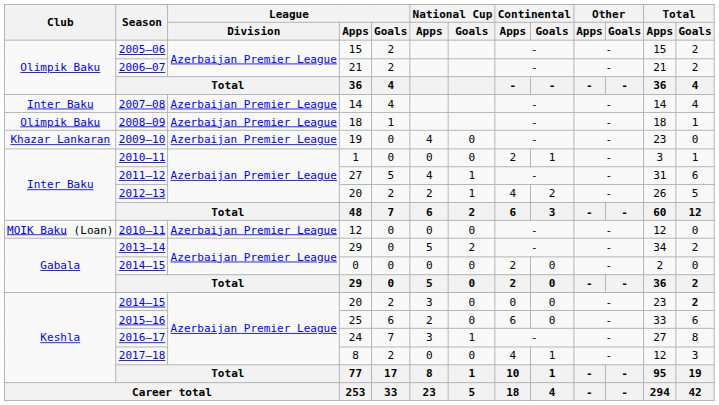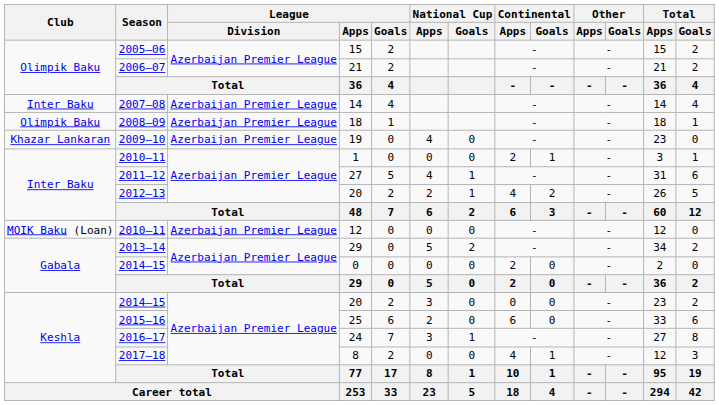 <table class="wikitable" style="text-align: center;">
 <tr>
 <th rowspan="2">Club</th>
 <th rowspan="2">Season</th>
 <th colspan="3">League</th>
 <th colspan="2">National Cup</th>
 <th colspan="2">Continental</th>
 <th colspan="2">Other</th>
 <th colspan="2">Total</th>
 </tr>
 <tr>
 <th>Division</th>
 <th>Apps</th>
 <th>Goals</th>
 <th>Apps</th>
 <th>Goals</th>
 <th>Apps</th>
 <th>Goals</th>
 <th>Apps</th>
 <th>Goals</th>
 <th>Apps</th>
 <th>Goals</th>
 </tr>
 <tr>
 <td rowspan="3" valign="center"><a href='#'>Olimpik Baku</a></td>
 <td><a href='#'>2005–06</a></td>
 <td rowspan="2" valign="center"><a href='#'>Azerbaijan Premier League</a></td>
 <td>15</td>
 <td>2</td>
 <td></td>
 <td></td>
 <td colspan="2">-</td>
 <td colspan="2">-</td>
 <td>15</td>
 <td>2</td>
 </tr>
 <tr>
 <td><a href='#'>2006–07</a></td>
 <td>21</td>
 <td>2</td>
 <td></td>
 <td></td>
 <td colspan="2">-</td>
 <td colspan="2">-</td>
 <td>21</td>
 <td>2</td>
 </tr>
 <tr>
 <th colspan="2">Total</th>
 <th>36</th>
 <th>4</th>
 <th></th>
 <th></th>
 <th>-</th>
 <th>-</th>
 <th>-</th>
 <th>-</th>
 <th>36</th>
 <th>4</th>
 </tr>
 <tr>
 <td valign="center"><a href='#'>Inter Baku</a></td>
 <td><a href='#'>2007–08</a></td>
 <td><a href='#'>Azerbaijan Premier League</a></td>
 <td>14</td>
 <td>4</td>
 <td></td>
 <td></td>
 <td colspan="2">-</td>
 <td colspan="2">-</td>
 <td>14</td>
 <td>4</td>
 </tr>
 <tr>
 <td valign="center"><a href='#'>Olimpik Baku</a></td>
 <td><a href='#'>2008–09</a></td>
 <td><a href='#'>Azerbaijan Premier League</a></td>
 <td>18</td>
 <td>1</td>
 <td></td>
 <td></td>
 <td colspan="2">-</td>
 <td colspan="2">-</td>
 <td>18</td>
 <td>1</td>
 </tr>
 <tr>
 <td valign="center"><a href='#'>Khazar Lankaran</a></td>
 <td><a href='#'>2009–10</a></td>
 <td><a href='#'>Azerbaijan Premier League</a></td>
 <td>19</td>
 <td>0</td>
 <td>4</td>
 <td>0</td>
 <td colspan="2">-</td>
 <td colspan="2">-</td>
 <td>23</td>
 <td>0</td>
 </tr>
 <tr>
 <td rowspan="4" valign="center"><a href='#'>Inter Baku</a></td>
 <td><a href='#'>2010–11</a></td>
 <td rowspan="3" valign="center"><a href='#'>Azerbaijan Premier League</a></td>
 <td>1</td>
 <td>0</td>
 <td>0</td>
 <td>0</td>
 <td>2</td>
 <td>1</td>
 <td colspan="2">-</td>
 <td>3</td>
 <td>1</td>
 </tr>
 <tr>
 <td><a href='#'>2011–12</a></td>
 <td>27</td>
 <td>5</td>
 <td>4</td>
 <td>1</td>
 <td colspan="2">-</td>
 <td colspan="2">-</td>
 <td>31</td>
 <td>6</td>
 </tr>
 <tr>
 <td><a href='#'>2012–13</a></td>
 <td>20</td>
 <td>2</td>
 <td>2</td>
 <td>1</td>
 <td>4</td>
 <td>2</td>
 <td colspan="2">-</td>
 <td>26</td>
 <td>5</td>
 </tr>
 <tr>
 <th colspan="2">Total</th>
 <th>48</th>
 <th>7</th>
 <th>6</th>
 <th>2</th>
 <th>6</th>
 <th>3</th>
 <th>-</th>
 <th>-</th>
 <th>60</th>
 <th>12</th>
 </tr>
 <tr>
 <td valign="center"><a href='#'>MOIK Baku</a> (Loan)</td>
 <td><a href='#'>2010–11</a></td>
 <td><a href='#'>Azerbaijan Premier League</a></td>
 <td>12</td>
 <td>0</td>
 <td>0</td>
 <td>0</td>
 <td colspan="2">-</td>
 <td colspan="2">-</td>
 <td>12</td>
 <td>0</td>
 </tr>
 <tr>
 <td rowspan="3" valign="center"><a href='#'>Gabala</a></td>
 <td><a href='#'>2013–14</a></td>
 <td rowspan="2" valign="center"><a href='#'>Azerbaijan Premier League</a></td>
 <td>29</td>
 <td>0</td>
 <td>5</td>
 <td>2</td>
 <td colspan="2">-</td>
 <td colspan="2">-</td>
 <td>34</td>
 <td>2</td>
 </tr>
 <tr>
 <td><a href='#'>2014–15</a></td>
 <td>0</td>
 <td>0</td>
 <td>0</td>
 <td>0</td>
 <td>2</td>
 <td>0</td>
 <td colspan="2">-</td>
 <td>2</td>
 <td>0</td>
 </tr>
 <tr>
 <th colspan="2">Total</th>
 <th>29</th>
 <th>0</th>
 <th>5</th>
 <th>0</th>
 <th>2</th>
 <th>0</th>
 <th>-</th>
 <th>-</th>
 <th>36</th>
 <th>2</th>
 </tr>
 <tr>
 <td rowspan="5" valign="center"><a href='#'>Keshla</a></td>
 <td><a href='#'>2014–15</a></td>
 <td rowspan="4" valign="center"><a href='#'>Azerbaijan Premier League</a></td>
 <td>20</td>
 <td>2</td>
 <td>3</td>
 <td>0</td>
 <td>0</td>
 <td>0</td>
 <td colspan="2">-</td>
 <td>23</td>
-<td><strong>2</strong></td>
+<td>2</td>
 </tr>
 <tr>
 <td><a href='#'>2015–16</a></td>
 <td>25</td>
 <td>6</td>
 <td>2</td>
 <td>0</td>
 <td>6</td>
 <td>0</td>
 <td colspan="2">-</td>
 <td>33</td>
 <td>6</td>
 </tr>
 <tr>
 <td><a href='#'>2016–17</a></td>
 <td>24</td>
 <td>7</td>
 <td>3</td>
 <td>1</td>
 <td colspan="2">-</td>
 <td colspan="2">-</td>
 <td>27</td>
 <td>8</td>
 </tr>
 <tr>
 <td><a href='#'>2017–18</a></td>
 <td>8</td>
 <td>2</td>
 <td>0</td>
 <td>0</td>
 <td>4</td>
 <td>1</td>
 <td colspan="2">-</td>
 <td>12</td>
 <td>3</td>
 </tr>
 <tr>
 <th colspan="2">Total</th>
 <th>77</th>
 <th>17</th>
 <th>8</th>
 <th>1</th>
 <th>10</th>
 <th>1</th>
 <th>-</th>
 <th>-</th>
 <th>95</th>
 <th>19</th>
 </tr>
 <tr>
 <th colspan="3">Career total</th>
 <th>253</th>
 <th>33</th>
 <th>23</th>
 <th>5</th>
 <th>18</th>
 <th>4</th>
 <th>-</th>
 <th>-</th>
 <th>294</th>
 <th>42</th>
 </tr>
 </table>
